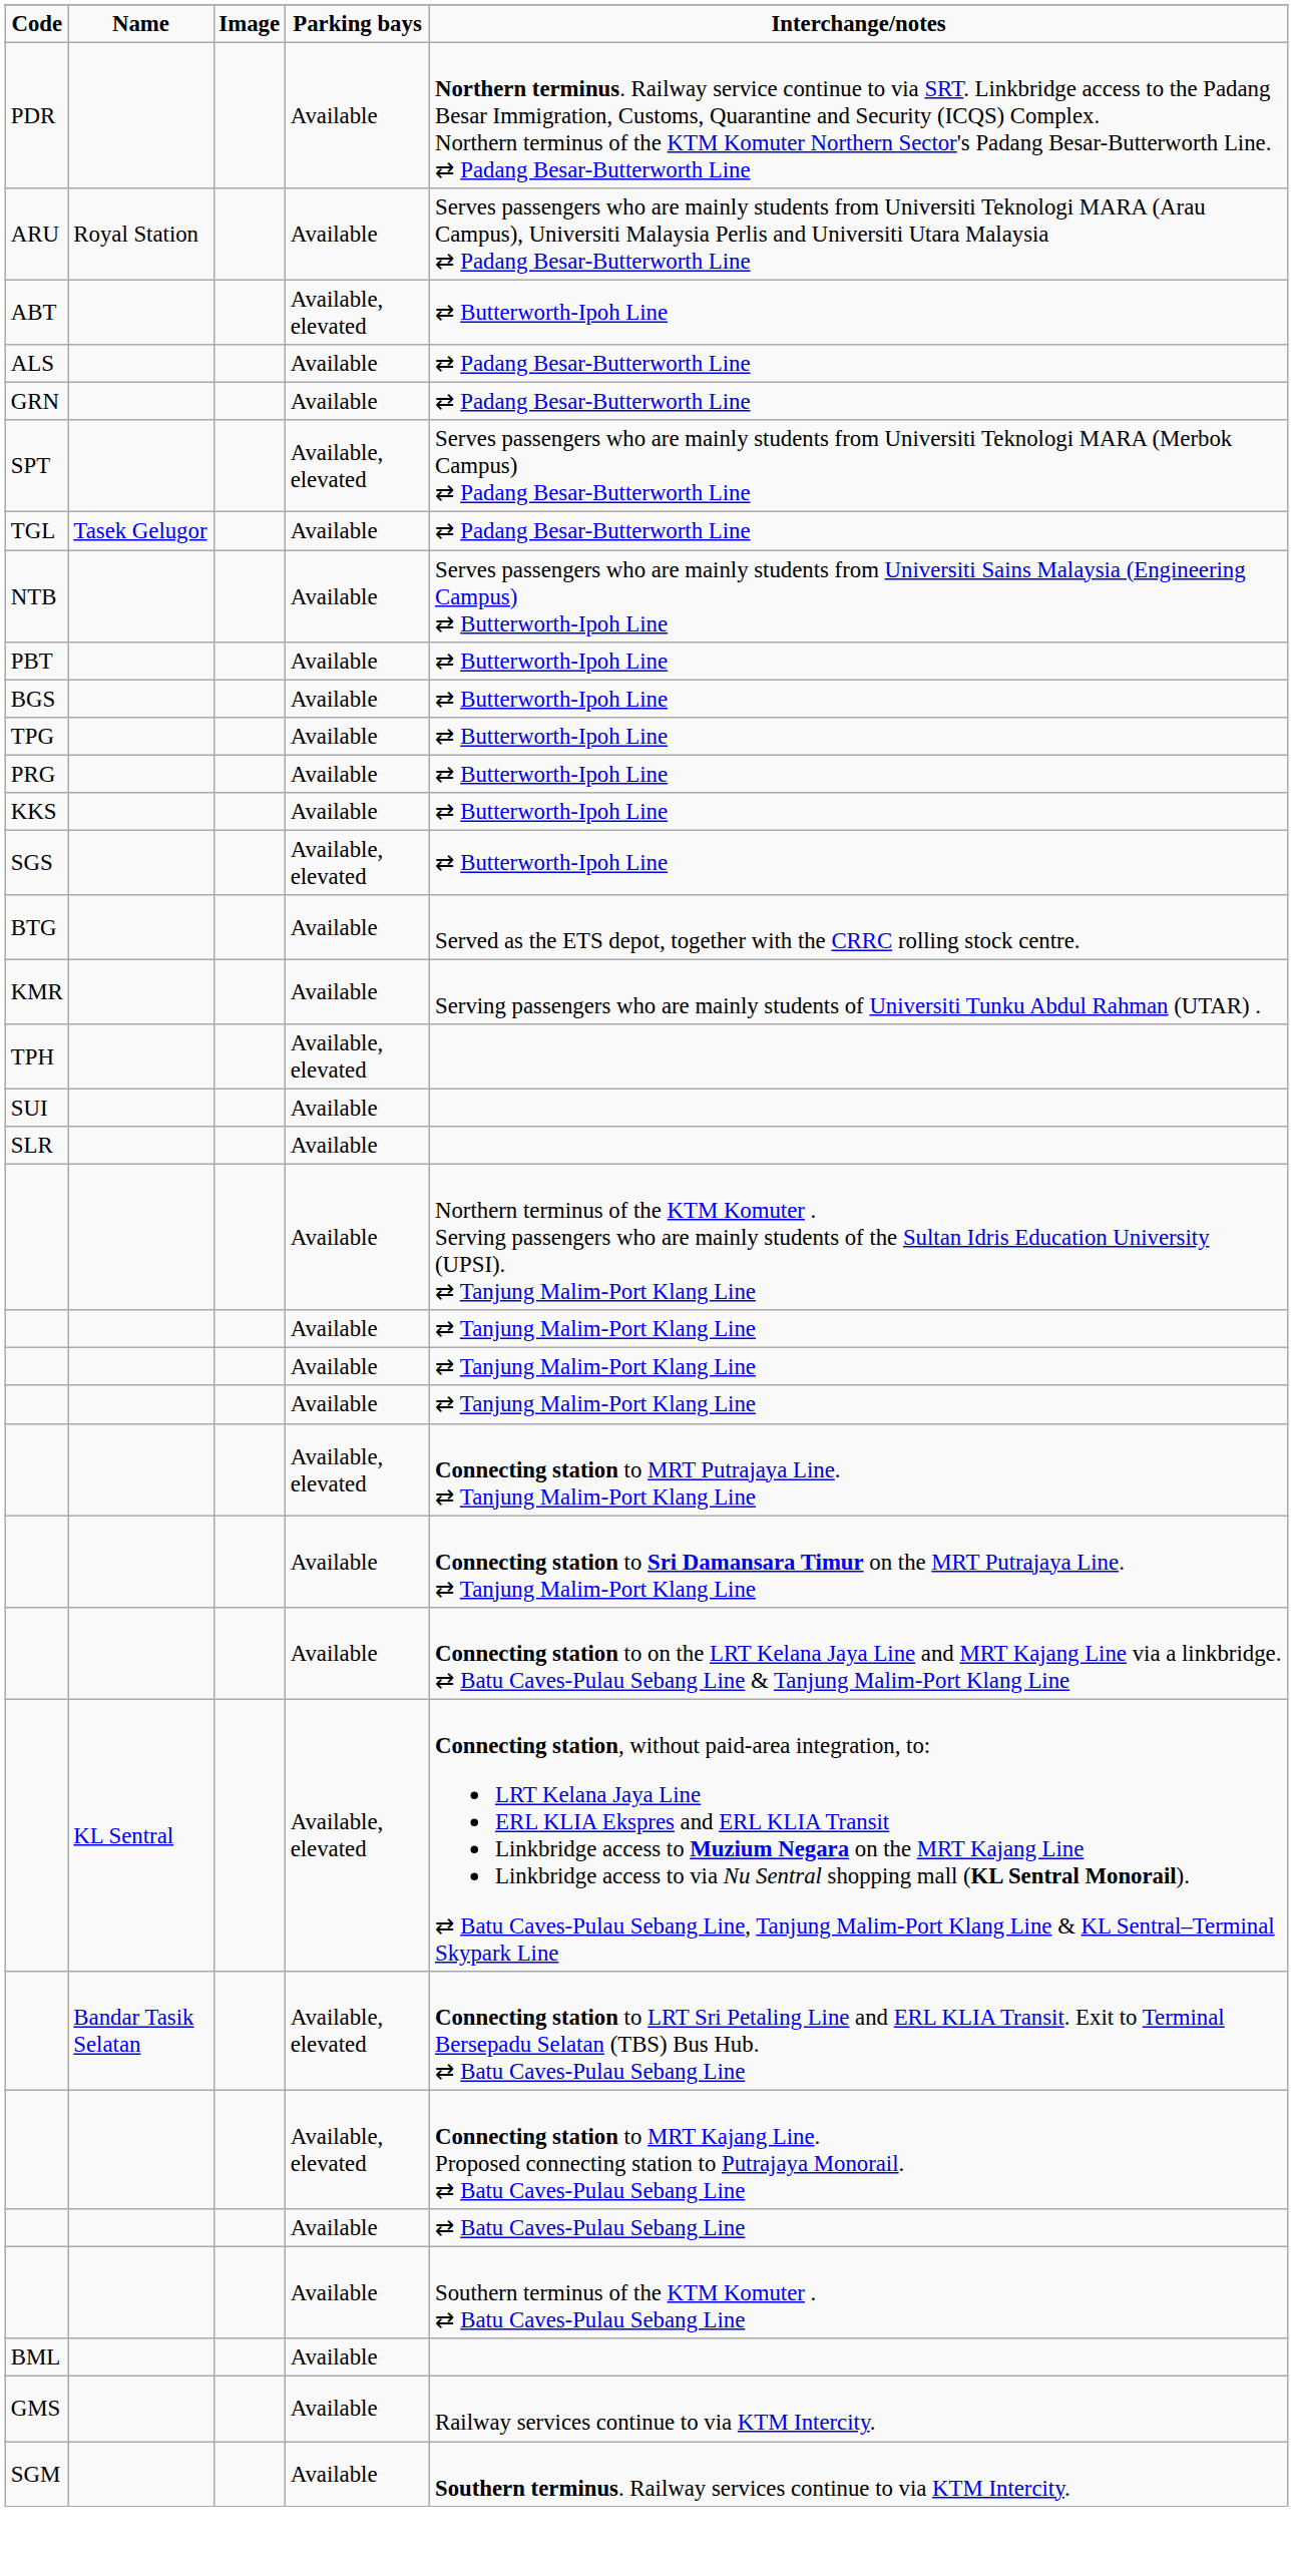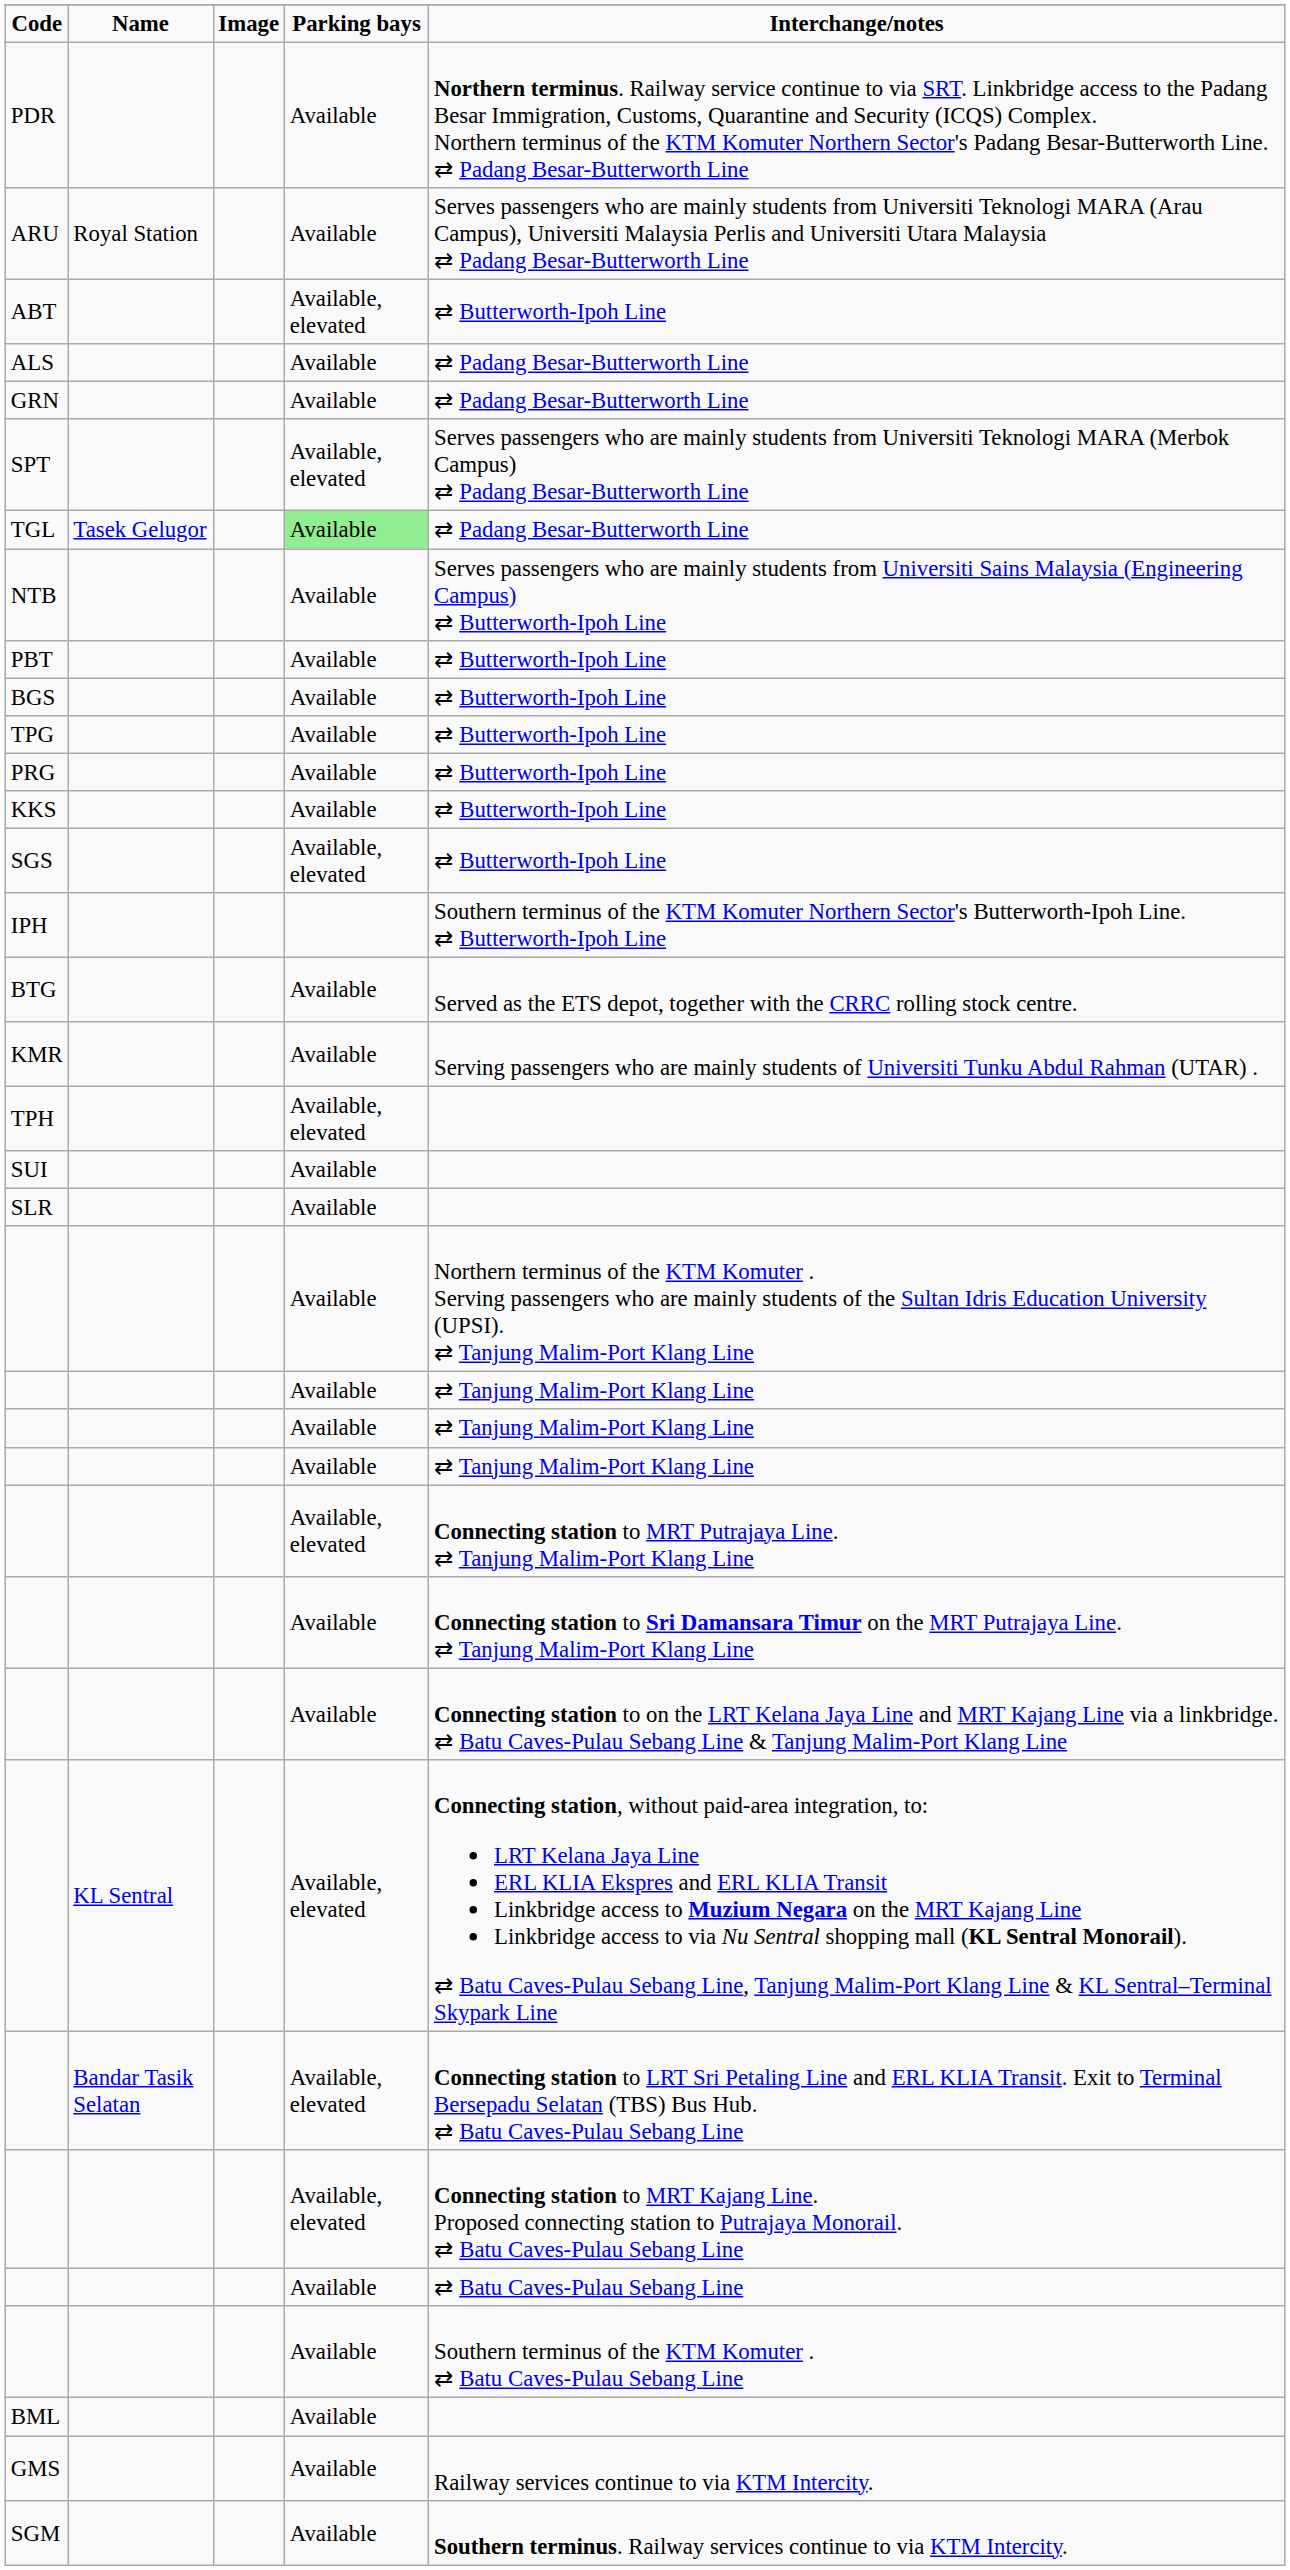 <table class="wikitable sortable" style="margin-left:1em; margin-bottom:1em; color:black; font-size:95%;">
 <tr style="text-align:center;">
 </tr>
 <tr align="center" style="color:black">
 <td><strong>Code</strong></td>
 <td><strong>Name</strong></td>
 <td><strong>Image</strong></td>
 <td><strong>Parking bays</strong></td>
 <td><strong>Interchange/notes</strong></td>
 </tr>
 <tr>
 <td>PDR</td>
 <td><strong></strong></td>
 <td></td>
 <td>Available</td>
 <td><br><strong>Northern terminus</strong>. Railway service continue to  via <a href='#'>SRT</a>. Linkbridge access to the Padang Besar Immigration, Customs, Quarantine and Security (ICQS) Complex.<br>Northern terminus of the <a href='#'>KTM Komuter Northern Sector</a>'s Padang Besar-Butterworth Line.<br>⇄ <a href='#'>Padang Besar-Butterworth Line</a></td>
 </tr>
 <tr>
 <td>ARU</td>
 <td> Royal Station</td>
 <td></td>
 <td>Available</td>
 <td>Serves passengers who are mainly students from Universiti Teknologi MARA (Arau Campus), Universiti Malaysia Perlis and Universiti Utara Malaysia<br>⇄ <a href='#'>Padang Besar-Butterworth Line</a></td>
 </tr>
 <tr>
 <td>ABT</td>
 <td></td>
 <td></td>
 <td>Available, elevated</td>
 <td>⇄ <a href='#'>Butterworth-Ipoh Line</a></td>
 </tr>
 <tr>
 <td>ALS</td>
 <td></td>
 <td></td>
 <td>Available</td>
 <td>⇄ <a href='#'>Padang Besar-Butterworth Line</a></td>
 </tr>
 <tr>
 <td>GRN</td>
 <td></td>
 <td></td>
 <td>Available</td>
 <td>⇄ <a href='#'>Padang Besar-Butterworth Line</a></td>
 </tr>
 <tr>
 <td>SPT</td>
 <td></td>
 <td></td>
 <td>Available, elevated</td>
 <td>Serves passengers who are mainly students from Universiti Teknologi MARA (Merbok Campus)<br>⇄ <a href='#'>Padang Besar-Butterworth Line</a></td>
 </tr>
 <tr>
 <td>TGL</td>
 <td><a href='#'>Tasek Gelugor</a></td>
 <td></td>
-<td>Available</td>
+<td style="background: lightgreen;">Available</td>
 <td>⇄ <a href='#'>Padang Besar-Butterworth Line</a></td>
 </tr>
 <tr>
 <td>NTB</td>
 <td></td>
 <td></td>
 <td>Available</td>
 <td>Serves passengers who are mainly students from <a href='#'>Universiti Sains Malaysia (Engineering Campus)</a><br>⇄ <a href='#'>Butterworth-Ipoh Line</a></td>
 </tr>
 <tr>
 <td>PBT</td>
 <td></td>
 <td></td>
 <td>Available</td>
 <td>⇄ <a href='#'>Butterworth-Ipoh Line</a></td>
 </tr>
 <tr>
 <td>BGS</td>
 <td></td>
 <td></td>
 <td>Available</td>
 <td>⇄ <a href='#'>Butterworth-Ipoh Line</a></td>
 </tr>
 <tr>
 <td>TPG</td>
 <td></td>
 <td></td>
 <td>Available</td>
 <td>⇄ <a href='#'>Butterworth-Ipoh Line</a></td>
 </tr>
 <tr>
 <td>PRG</td>
 <td></td>
 <td></td>
 <td>Available</td>
 <td>⇄ <a href='#'>Butterworth-Ipoh Line</a></td>
 </tr>
 <tr>
 <td>KKS</td>
 <td></td>
 <td></td>
 <td>Available</td>
 <td>⇄ <a href='#'>Butterworth-Ipoh Line</a></td>
 </tr>
 <tr>
 <td>SGS</td>
 <td></td>
 <td></td>
 <td>Available, elevated</td>
 <td>⇄ <a href='#'>Butterworth-Ipoh Line</a></td>
+</tr>
+<tr>
+<td>IPH</td>
+<td></td>
+<td></td>
+<td Available></td>
+<td>Southern terminus of the <a href='#'>KTM Komuter Northern Sector</a>'s Butterworth-Ipoh Line.<br>⇄ <a href='#'>Butterworth-Ipoh Line</a></td>
 </tr>
 <tr>
 <td>BTG</td>
 <td></td>
 <td></td>
 <td>Available</td>
 <td><br>Served as the ETS depot, together with the <a href='#'>CRRC</a> rolling stock centre.</td>
 </tr>
 <tr>
 <td>KMR</td>
 <td></td>
 <td></td>
 <td>Available</td>
 <td><br>Serving passengers who are mainly students of <a href='#'>Universiti Tunku Abdul Rahman</a> (UTAR) .</td>
 </tr>
 <tr>
 <td>TPH</td>
 <td></td>
 <td></td>
 <td>Available, elevated</td>
 <td></td>
 </tr>
 <tr>
 <td>SUI</td>
 <td></td>
 <td></td>
 <td>Available</td>
 <td></td>
 </tr>
 <tr>
 <td>SLR</td>
 <td></td>
 <td></td>
 <td>Available</td>
 <td></td>
 </tr>
 <tr>
 <td></td>
 <td></td>
 <td></td>
 <td>Available</td>
 <td><br>Northern terminus of the <a href='#'>KTM Komuter</a> .<br>Serving passengers who are mainly students of the <a href='#'>Sultan Idris Education University</a> (UPSI).<br>⇄ <a href='#'>Tanjung Malim-Port Klang Line</a></td>
 </tr>
 <tr>
 <td></td>
 <td></td>
 <td></td>
 <td>Available</td>
 <td>⇄ <a href='#'>Tanjung Malim-Port Klang Line</a></td>
 </tr>
 <tr>
 <td></td>
 <td></td>
 <td></td>
 <td>Available</td>
 <td>⇄ <a href='#'>Tanjung Malim-Port Klang Line</a></td>
 </tr>
 <tr>
 <td></td>
 <td></td>
 <td></td>
 <td>Available</td>
 <td>⇄ <a href='#'>Tanjung Malim-Port Klang Line</a></td>
 </tr>
 <tr>
 <td></td>
 <td></td>
 <td></td>
 <td>Available, elevated</td>
 <td><br><strong>Connecting station</strong> to  <a href='#'>MRT Putrajaya Line</a>.<br>⇄ <a href='#'>Tanjung Malim-Port Klang Line</a></td>
 </tr>
 <tr>
 <td></td>
 <td></td>
 <td></td>
 <td>Available</td>
 <td><br><strong>Connecting station</strong> to  <a href='#'><strong>Sri Damansara Timur</strong></a> on the <a href='#'>MRT Putrajaya Line</a>.<br>⇄ <a href='#'>Tanjung Malim-Port Klang Line</a></td>
 </tr>
 <tr>
 <td></td>
 <td></td>
 <td></td>
 <td>Available</td>
 <td><br><strong>Connecting station</strong> to  <strong></strong> on the <a href='#'>LRT Kelana Jaya Line</a> and <a href='#'>MRT Kajang Line</a> via a linkbridge.<br>⇄ <a href='#'>Batu Caves-Pulau Sebang Line</a> & <a href='#'>Tanjung Malim-Port Klang Line</a></td>
 </tr>
 <tr>
 <td></td>
 <td><a href='#'>KL Sentral</a></td>
 <td></td>
 <td>Available, elevated</td>
 <td><br><strong>Connecting station</strong>, without paid-area integration, to:<ul><li> <a href='#'>LRT Kelana Jaya Line</a></li><li> <a href='#'>ERL KLIA Ekspres</a> and <a href='#'>ERL KLIA Transit</a></li><li>Linkbridge access to  <a href='#'><strong>Muzium Negara</strong></a> on the <a href='#'>MRT Kajang Line</a></li><li>Linkbridge access to   via <em>Nu Sentral</em> shopping mall (<strong>KL Sentral Monorail</strong>).</li></ul>⇄ <a href='#'>Batu Caves-Pulau Sebang Line</a>, <a href='#'>Tanjung Malim-Port Klang Line</a> & <a href='#'>KL Sentral–Terminal Skypark Line</a></td>
 </tr>
 <tr>
 <td></td>
 <td><a href='#'>Bandar Tasik Selatan</a></td>
 <td></td>
 <td>Available, elevated</td>
 <td><br><strong>Connecting station</strong> to  <a href='#'>LRT Sri Petaling Line</a> and <a href='#'>ERL KLIA Transit</a>. Exit to <a href='#'>Terminal Bersepadu Selatan</a> (TBS) Bus Hub.<br>⇄ <a href='#'>Batu Caves-Pulau Sebang Line</a></td>
 </tr>
 <tr>
 <td></td>
 <td></td>
 <td></td>
 <td>Available, elevated</td>
 <td><br><strong>Connecting station</strong> to  <a href='#'>MRT Kajang Line</a>.<br>Proposed connecting station to <a href='#'>Putrajaya Monorail</a>.<br>⇄ <a href='#'>Batu Caves-Pulau Sebang Line</a></td>
 </tr>
 <tr>
 <td></td>
 <td></td>
 <td></td>
 <td>Available</td>
 <td>⇄ <a href='#'>Batu Caves-Pulau Sebang Line</a></td>
 </tr>
 <tr>
 <td></td>
 <td></td>
 <td></td>
 <td>Available</td>
 <td><br>Southern terminus of the <a href='#'>KTM Komuter</a> .<br>⇄ <a href='#'>Batu Caves-Pulau Sebang Line</a></td>
 </tr>
 <tr>
 <td>BML</td>
 <td></td>
 <td></td>
 <td>Available</td>
 <td></td>
 </tr>
 <tr>
 <td>GMS</td>
 <td></td>
 <td></td>
 <td>Available</td>
 <td><br>Railway services continue to  via <a href='#'>KTM Intercity</a>.</td>
 </tr>
 <tr>
 <td>SGM</td>
 <td><strong></strong></td>
 <td></td>
 <td>Available</td>
 <td><br><strong>Southern terminus</strong>. Railway services continue to  via <a href='#'>KTM Intercity</a>.</td>
 </tr>
 </table>
